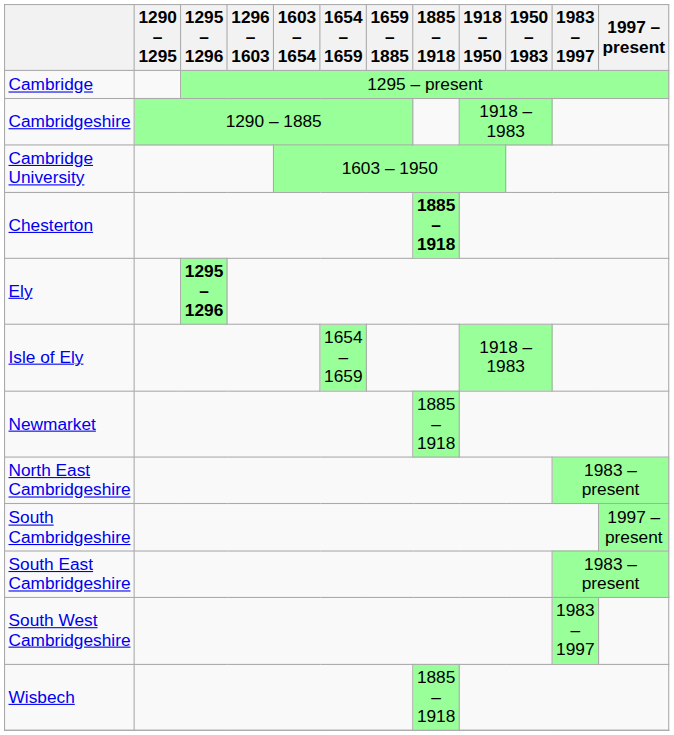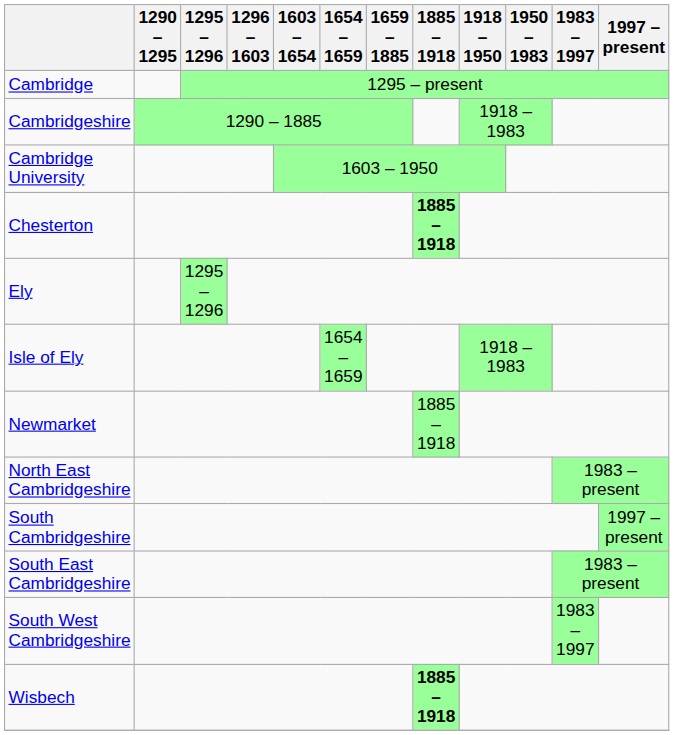 <table class="wikitable">
 <tr>
 <th> </th>
 <th>1290 – 1295</th>
 <th>1295 – 1296</th>
 <th>1296 – 1603</th>
 <th>1603 – 1654</th>
 <th>1654 – 1659</th>
 <th>1659 – 1885</th>
 <th>1885 – 1918</th>
 <th>1918 – 1950</th>
 <th>1950 – 1983</th>
 <th>1983 – 1997</th>
 <th>1997 – present</th>
 </tr>
 <tr>
 <td><a href='#'>Cambridge</a></td>
 <td colspan="1"> </td>
 <td colspan="10" align="center" bgcolor="#99FF99">1295 – present</td>
 </tr>
 <tr>
 <td><a href='#'>Cambridgeshire</a></td>
 <td colspan="6" align="center" bgcolor="#99FF99">1290 – 1885</td>
 <td colspan="1"> </td>
 <td colspan="2" align="center" bgcolor="#99FF99">1918 – 1983</td>
 <td colspan="2"> </td>
 </tr>
 <tr>
 <td><a href='#'>Cambridge University</a></td>
 <td colspan="3"> </td>
 <td colspan="5" align="center" bgcolor="#99FF99">1603 – 1950</td>
 <td colspan="3"> </td>
 </tr>
 <tr>
 <td><a href='#'>Chesterton</a></td>
 <td colspan="6"> </td>
 <td colspan="1" align="center" bgcolor="#99FF99"><strong>1885 – 1918</strong></td>
 <td colspan="4"> </td>
 </tr>
 <tr>
 <td><a href='#'>Ely</a></td>
 <td colspan="1"> </td>
-<td colspan="1" align="center" bgcolor="#99FF99"><strong>1295 – 1296</strong></td>
+<td colspan="1" align="center" bgcolor="#99FF99">1295 – 1296</td>
 <td colspan="9"> </td>
 </tr>
 <tr>
 <td><a href='#'>Isle of Ely</a></td>
 <td colspan="4"> </td>
 <td colspan="1" align="center" bgcolor="#99FF99">1654 – 1659</td>
 <td colspan="2"> </td>
 <td colspan="2" align="center" bgcolor="#99FF99">1918 – 1983</td>
 <td colspan="2"> </td>
 </tr>
 <tr>
 <td><a href='#'>Newmarket</a></td>
 <td colspan="6"> </td>
 <td colspan="1" align="center" bgcolor="#99FF99">1885 – 1918</td>
 <td colspan="4"> </td>
 </tr>
 <tr>
 <td><a href='#'>North East Cambridgeshire</a></td>
 <td colspan="9"> </td>
 <td colspan="2" align="center" bgcolor="#99FF99">1983 – present</td>
 </tr>
 <tr>
 <td><a href='#'>South Cambridgeshire</a></td>
 <td colspan="10"> </td>
 <td colspan="1" align="center" bgcolor="#99FF99">1997 – present</td>
 </tr>
 <tr>
 <td><a href='#'>South East Cambridgeshire</a></td>
 <td colspan="9"> </td>
 <td colspan="2" align="center" bgcolor="#99FF99">1983 – present</td>
 </tr>
 <tr>
 <td><a href='#'>South West Cambridgeshire</a></td>
 <td colspan="9"> </td>
 <td colspan="1" align="center" bgcolor="#99FF99">1983 – 1997</td>
 <td colspan="1"> </td>
 </tr>
 <tr>
 <td><a href='#'>Wisbech</a></td>
 <td colspan="6"> </td>
-<td colspan="1" align="center" bgcolor="#99FF99">1885 – 1918</td>
+<td colspan="1" align="center" bgcolor="#99FF99"><strong>1885 – 1918</strong></td>
 <td colspan="4"> </td>
 </tr>
 <tr>
 </tr>
 </table>
